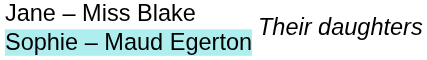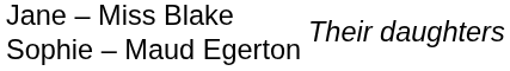 <table style="text-align: left; margin-left: 0em;" border=0 cellpadding=0>
 <tr>
 <td>Jane  – Miss Blake</td>
 <td rowspan=2; valign="middle";><big></big></td>
 <td rowspan=2; valign="middle"><em>Their daughters</em></td>
 </tr>
 <tr>
-<td style="background: paleturquoise;">Sophie – Maud Egerton</td>
+<td>Sophie – Maud Egerton</td>
 </tr>
 </table>
